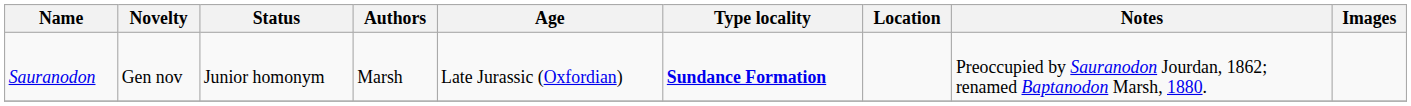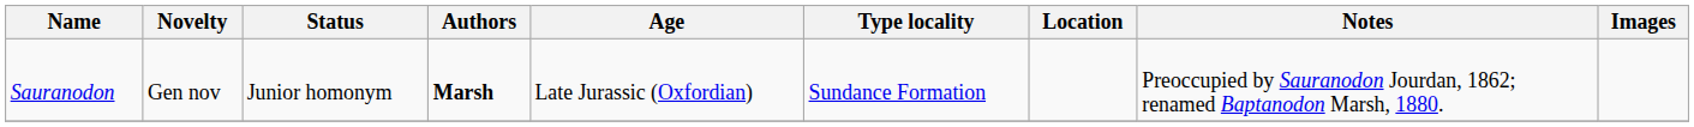 <table class="wikitable sortable" align="center" width="100%">
 <tr>
 <th>Name</th>
 <th>Novelty</th>
 <th>Status</th>
 <th>Authors</th>
 <th>Age</th>
 <th>Type locality</th>
 <th>Location</th>
 <th>Notes</th>
 <th>Images</th>
 </tr>
 <tr>
 <td><br><em><a href='#'>Sauranodon</a></em></td>
 <td><br>Gen nov</td>
 <td><br>Junior homonym</td>
-<td><br>Marsh</td>
+<td><strong><br>Marsh</strong></td>
 <td><br>Late Jurassic (<a href='#'>Oxfordian</a>)</td>
-<td><strong><br><a href='#'>Sundance Formation</a></strong></td>
+<td><br><a href='#'>Sundance Formation</a></td>
 <td><br><br></td>
 <td><br>Preoccupied by <em><a href='#'>Sauranodon</a></em> Jourdan, 1862;<br> renamed <em><a href='#'>Baptanodon</a></em> Marsh, <a href='#'>1880</a>.</td>
 <td><br></td>
 </tr>
 <tr>
 </tr>
 </table>
